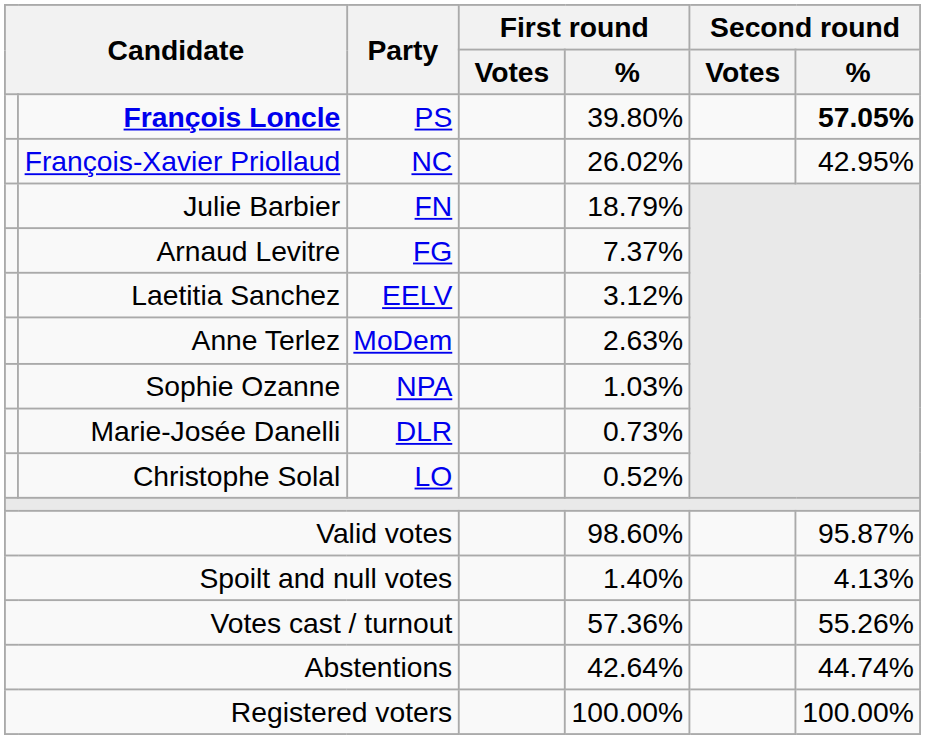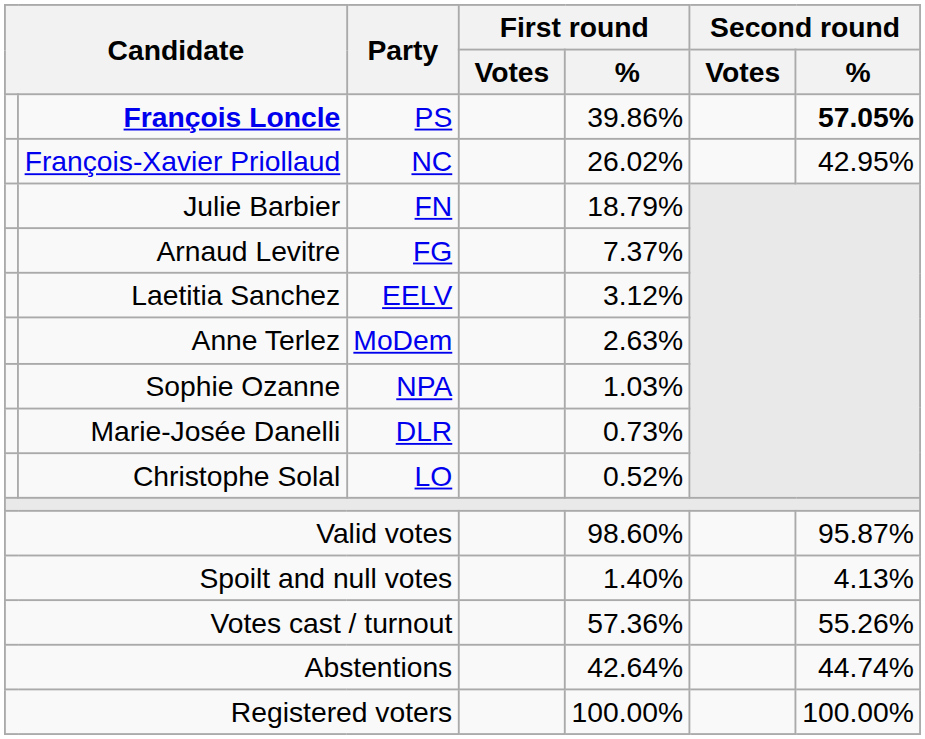 <table class="wikitable" style="text-align:right;font-size:95%;">
 <tr>
 <th rowspan=2 colspan=2>Candidate</th>
 <th rowspan=2 colspan=1>Party</th>
 <th colspan=2>First round</th>
 <th colspan=2>Second round</th>
 </tr>
 <tr>
 <th style="width:50px;">Votes</th>
 <th style="width:55px;">%</th>
 <th style="width:50px;">Votes</th>
 <th style="width:55px;">%</th>
 </tr>
 <tr>
 <td style="color:inherit;background-color:"></td>
 <td><strong><a href='#'>François Loncle</a></strong></td>
 <td><a href='#'>PS</a></td>
 <td></td>
-<td>39.80%</td>
+<td>39.86%</td>
 <td><strong></strong></td>
 <td><strong>57.05%</strong></td>
 </tr>
 <tr>
 <td style="color:inherit;background-color:"></td>
 <td><a href='#'>François-Xavier Priollaud</a></td>
 <td><a href='#'>NC</a></td>
 <td></td>
 <td>26.02%</td>
 <td></td>
 <td>42.95%</td>
 </tr>
 <tr>
 <td style="color:inherit;background-color:"></td>
 <td>Julie Barbier</td>
 <td><a href='#'>FN</a></td>
 <td></td>
 <td>18.79%</td>
 <td colspan=7 rowspan=7 style="background-color:#E9E9E9;"></td>
 </tr>
 <tr>
 <td style="color:inherit;background-color:"></td>
 <td>Arnaud Levitre</td>
 <td><a href='#'>FG</a></td>
 <td></td>
 <td>7.37%</td>
 </tr>
 <tr>
 <td style="color:inherit;background-color:"></td>
 <td>Laetitia Sanchez</td>
 <td><a href='#'>EELV</a></td>
 <td></td>
 <td>3.12%</td>
 </tr>
 <tr>
 <td style="color:inherit;background-color:"></td>
 <td>Anne Terlez</td>
 <td><a href='#'>MoDem</a></td>
 <td></td>
 <td>2.63%</td>
 </tr>
 <tr>
 <td style="color:inherit;background-color:"></td>
 <td>Sophie Ozanne</td>
 <td><a href='#'>NPA</a></td>
 <td></td>
 <td>1.03%</td>
 </tr>
 <tr>
 <td style="color:inherit;background-color:"></td>
 <td>Marie-Josée Danelli</td>
 <td><a href='#'>DLR</a></td>
 <td></td>
 <td>0.73%</td>
 </tr>
 <tr>
 <td style="color:inherit;background-color:"></td>
 <td>Christophe Solal</td>
 <td><a href='#'>LO</a></td>
 <td></td>
 <td>0.52%</td>
 </tr>
 <tr>
 <td colspan=7 style="background-color:#E9E9E9;"></td>
 </tr>
 <tr>
 <td colspan=3>Valid votes</td>
 <td></td>
 <td>98.60%</td>
 <td></td>
 <td>95.87%</td>
 </tr>
 <tr>
 <td colspan=3>Spoilt and null votes</td>
 <td></td>
 <td>1.40%</td>
 <td></td>
 <td>4.13%</td>
 </tr>
 <tr>
 <td colspan=3>Votes cast / turnout</td>
 <td></td>
 <td>57.36%</td>
 <td></td>
 <td>55.26%</td>
 </tr>
 <tr>
 <td colspan=3>Abstentions</td>
 <td></td>
 <td>42.64%</td>
 <td></td>
 <td>44.74%</td>
 </tr>
 <tr>
 <td colspan=3>Registered voters</td>
 <td></td>
 <td>100.00%</td>
 <td></td>
 <td>100.00%</td>
 </tr>
 </table>
